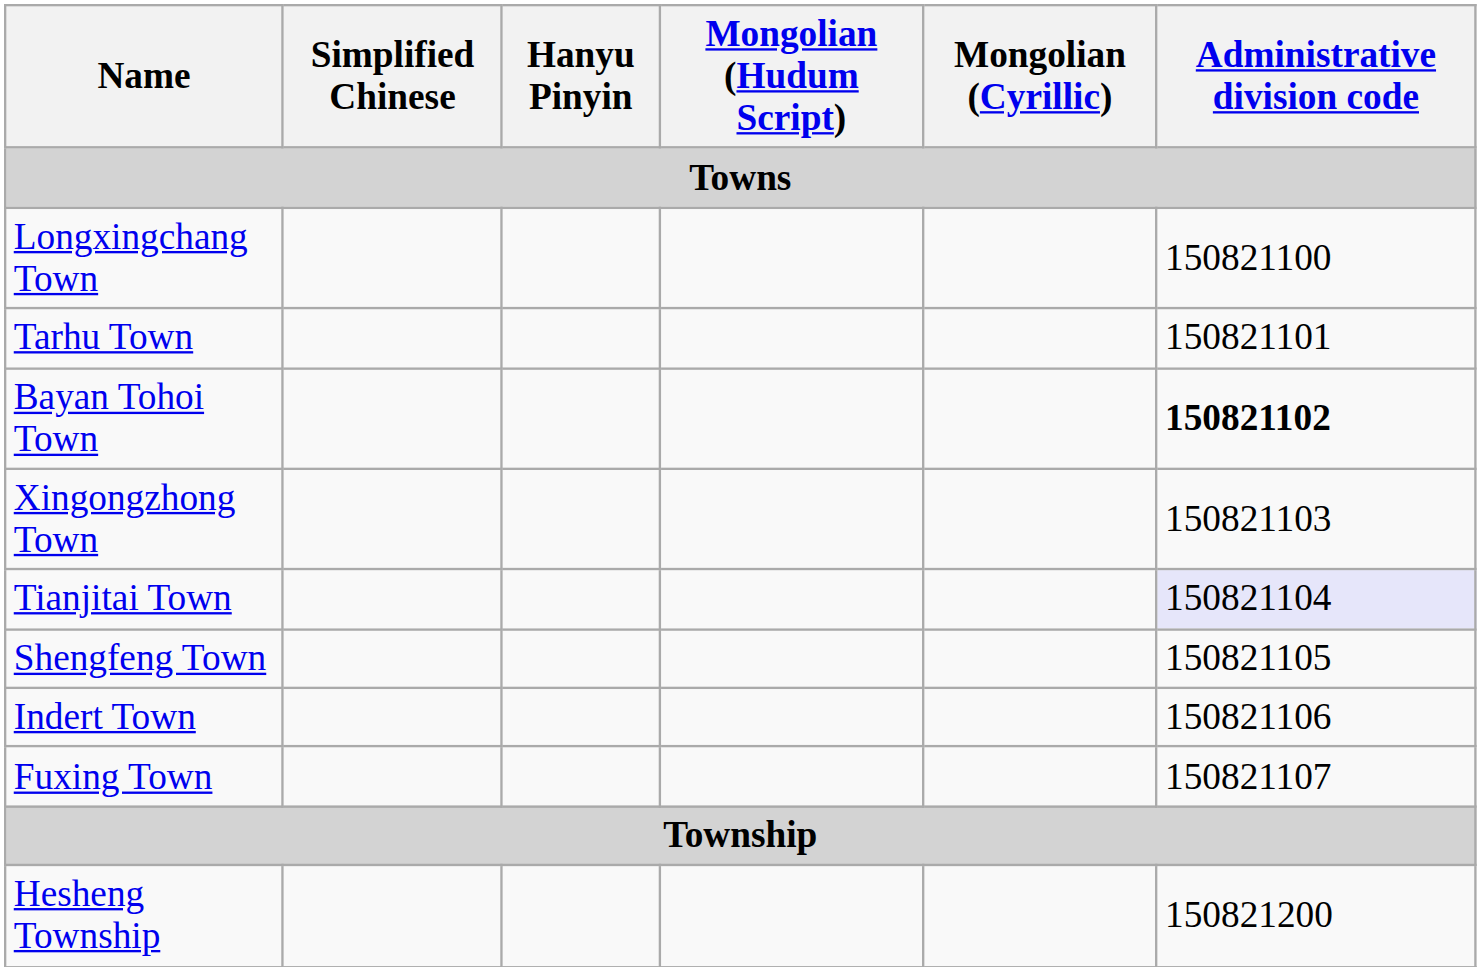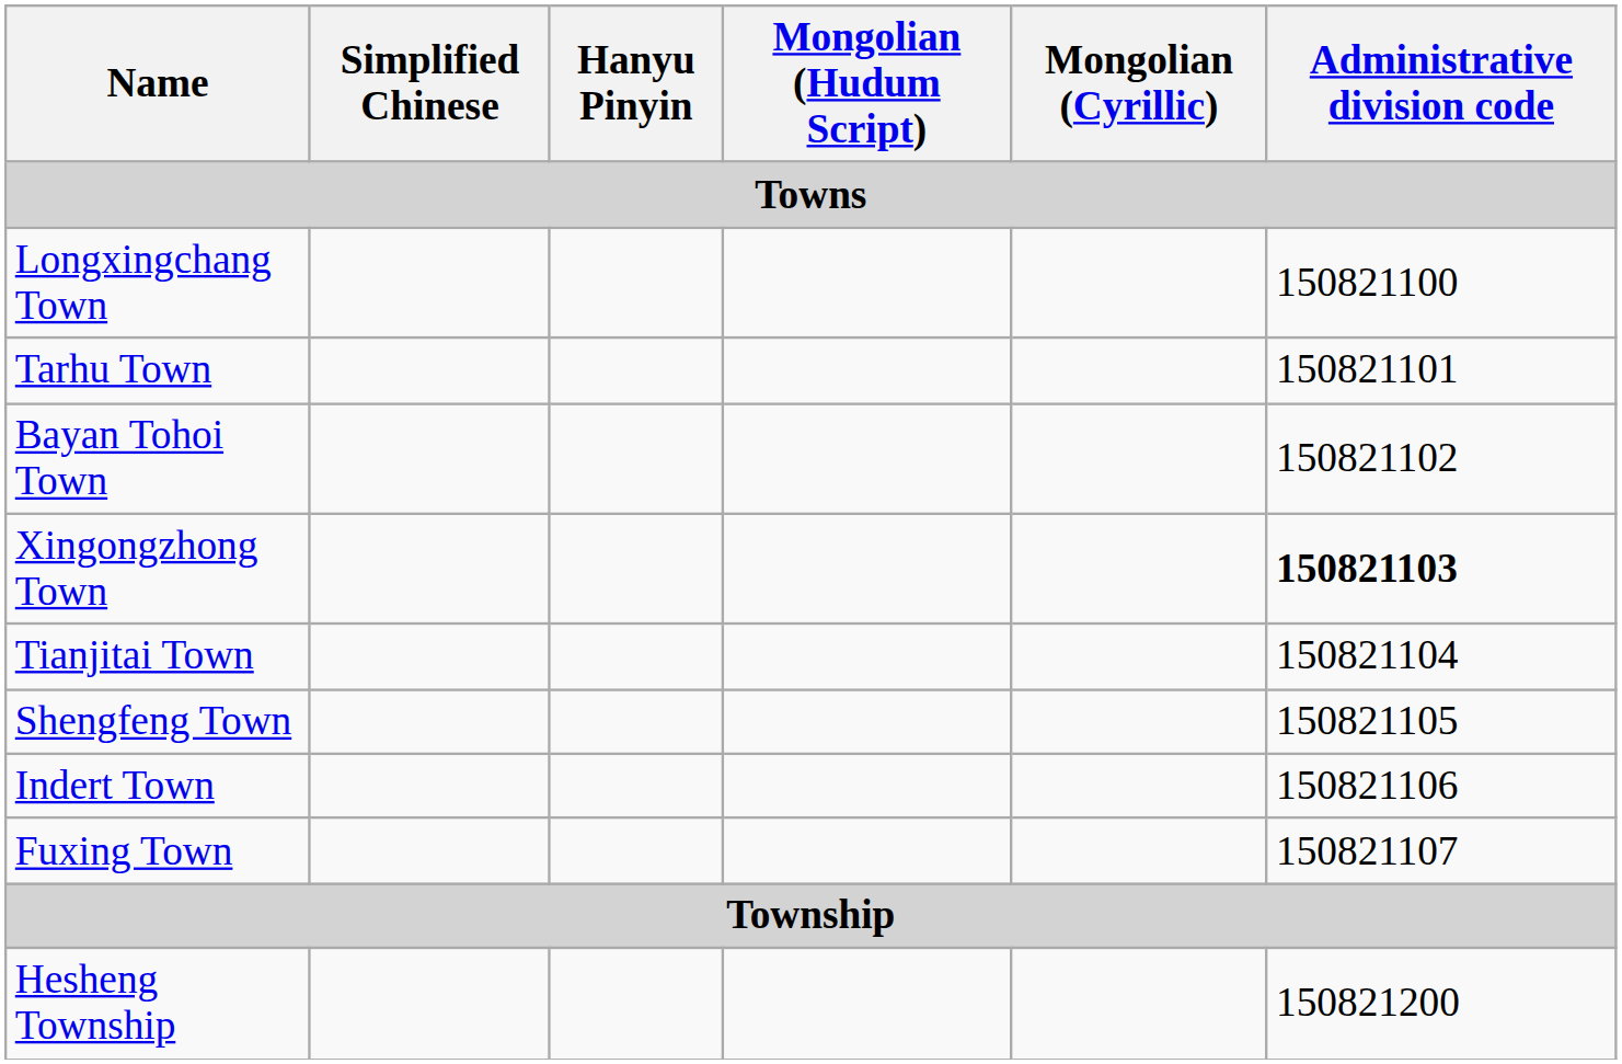 <table class="wikitable" align="center" style="width:50%; border="1">
 <tr>
 <th>Name</th>
 <th>Simplified Chinese</th>
 <th>Hanyu Pinyin</th>
 <th><a href='#'>Mongolian</a> (<a href='#'>Hudum Script</a>)</th>
 <th>Mongolian (<a href='#'>Cyrillic</a>)</th>
 <th><a href='#'>Administrative division code</a></th>
 </tr>
 <tr>
 <td colspan="6"  style="text-align:center; background:#d3d3d3;"><strong>Towns</strong></td>
 </tr>
 <tr --------->
 <td><a href='#'>Longxingchang Town</a></td>
 <td></td>
 <td></td>
 <td></td>
 <td></td>
 <td>150821100</td>
 </tr>
 <tr>
 <td><a href='#'>Tarhu Town</a></td>
 <td></td>
 <td></td>
 <td></td>
 <td></td>
 <td>150821101</td>
 </tr>
 <tr>
 <td><a href='#'>Bayan Tohoi Town</a></td>
 <td></td>
 <td></td>
 <td></td>
 <td></td>
-<td><strong>150821102</strong></td>
+<td>150821102</td>
 </tr>
 <tr>
 <td><a href='#'>Xingongzhong Town</a></td>
 <td></td>
 <td></td>
 <td></td>
 <td></td>
-<td>150821103</td>
+<td><strong>150821103</strong></td>
 </tr>
 <tr>
 <td><a href='#'>Tianjitai Town</a></td>
 <td></td>
 <td></td>
 <td></td>
 <td></td>
-<td style="background: lavender;">150821104</td>
+<td>150821104</td>
 </tr>
 <tr>
 <td><a href='#'>Shengfeng Town</a></td>
 <td></td>
 <td></td>
 <td></td>
 <td></td>
 <td>150821105</td>
 </tr>
 <tr>
 <td><a href='#'>Indert Town</a></td>
 <td></td>
 <td></td>
 <td></td>
 <td></td>
 <td>150821106</td>
 </tr>
 <tr>
 <td><a href='#'>Fuxing Town</a></td>
 <td></td>
 <td></td>
 <td></td>
 <td></td>
 <td>150821107</td>
 </tr>
 <tr>
 <td colspan="6"  style="text-align:center; background:#d3d3d3;"><strong>Township</strong></td>
 </tr>
 <tr --------->
 <td><a href='#'>Hesheng Township</a></td>
 <td></td>
 <td></td>
 <td></td>
 <td></td>
 <td>150821200</td>
 </tr>
 <tr>
 </tr>
 </table>
